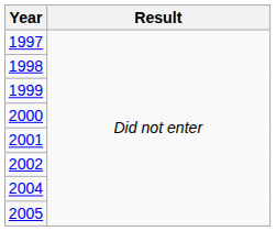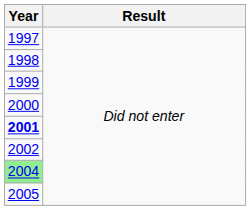 <table class="wikitable" style="text-align: center; font-size:90%">
 <tr>
 <th>Year</th>
 <th style="width:200px">Result</th>
 </tr>
 <tr>
 <td> <a href='#'>1997</a></td>
 <td rowspan="8"><em>Did not enter</em></td>
 </tr>
 <tr>
 <td> <a href='#'>1998</a></td>
 </tr>
 <tr>
 <td> <a href='#'>1999</a></td>
 </tr>
 <tr>
 <td> <a href='#'>2000</a></td>
 </tr>
 <tr>
-<td> <a href='#'>2001</a></td>
+<td><strong> <a href='#'>2001</a></strong></td>
 </tr>
 <tr>
 <td> <a href='#'>2002</a></td>
 </tr>
 <tr>
-<td> <a href='#'>2004</a></td>
+<td style="background: lightgreen;"> <a href='#'>2004</a></td>
 </tr>
 <tr>
 <td> <a href='#'>2005</a></td>
 </tr>
 </table>
